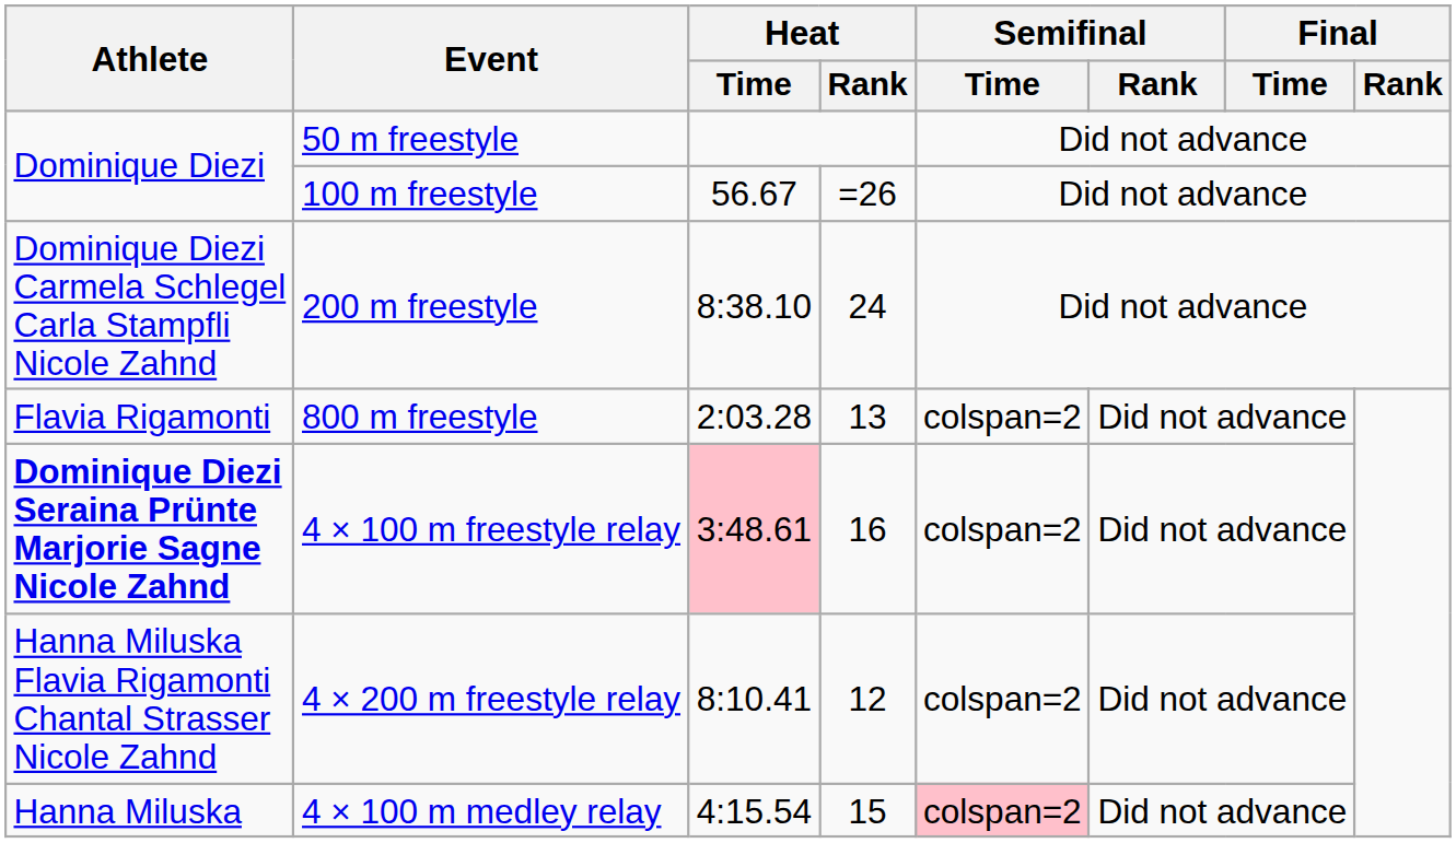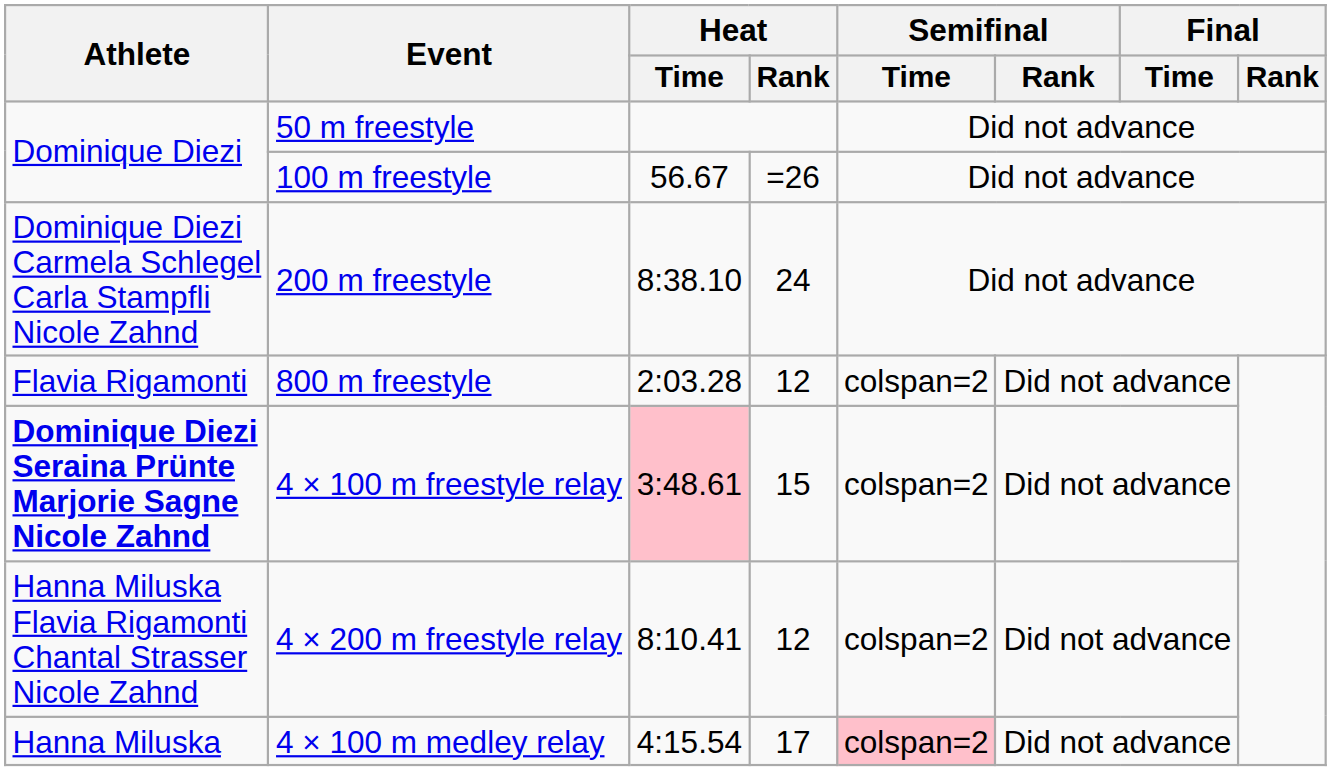 <table class=wikitable style="font-size:90%">
 <tr>
 <th rowspan="2">Athlete</th>
 <th rowspan="2">Event</th>
 <th colspan="2">Heat</th>
 <th colspan="2">Semifinal</th>
 <th colspan="2">Final</th>
 </tr>
 <tr style="font-size:95%">
 <th>Time</th>
 <th>Rank</th>
 <th>Time</th>
 <th>Rank</th>
 <th>Time</th>
 <th>Rank</th>
 </tr>
 <tr align=center>
 <td align=left rowspan=2><a href='#'>Dominique Diezi</a></td>
 <td align=left><a href='#'>50 m freestyle</a></td>
 <td colspan=2></td>
 <td colspan=4>Did not advance</td>
 </tr>
 <tr align=center>
 <td align=left><a href='#'>100 m freestyle</a></td>
 <td>56.67</td>
 <td>=26</td>
 <td colspan=4>Did not advance</td>
 </tr>
 <tr align=center>
 <td align=left><a href='#'>Dominique Diezi</a><br><a href='#'>Carmela Schlegel</a><br><a href='#'>Carla Stampfli</a><br><a href='#'>Nicole Zahnd</a></td>
 <td align=left><a href='#'>200 m freestyle</a></td>
 <td>8:38.10</td>
 <td>24</td>
 <td colspan=4>Did not advance</td>
 </tr>
 <tr align=center>
 <td align=left><a href='#'>Flavia Rigamonti</a></td>
 <td align=left><a href='#'>800 m freestyle</a></td>
 <td>2:03.28</td>
-<td>13</td>
+<td>12</td>
 <td>colspan=2 </td>
 <td colspan=2>Did not advance</td>
 </tr>
 <tr align=center>
 <td align=left><strong><a href='#'>Dominique Diezi</a><br><a href='#'>Seraina Prünte</a><br><a href='#'>Marjorie Sagne</a><br><a href='#'>Nicole Zahnd</a></strong></td>
 <td align=left><a href='#'>4 × 100 m freestyle relay</a></td>
 <td style="background: pink;">3:48.61</td>
-<td>16</td>
+<td>15</td>
 <td>colspan=2 </td>
 <td colspan=2>Did not advance</td>
 </tr>
 <tr align=center>
 <td align=left><a href='#'>Hanna Miluska</a><br><a href='#'>Flavia Rigamonti</a><br><a href='#'>Chantal Strasser</a><br><a href='#'>Nicole Zahnd</a></td>
 <td align=left><a href='#'>4 × 200 m freestyle relay</a></td>
 <td>8:10.41</td>
 <td>12</td>
 <td>colspan=2 </td>
 <td colspan=2>Did not advance</td>
 </tr>
 <tr align=center>
 <td align=left><a href='#'>Hanna Miluska</a></td>
 <td align=left><a href='#'>4 × 100 m medley relay</a></td>
 <td>4:15.54</td>
-<td>15</td>
+<td>17</td>
 <td style="background: pink;">colspan=2 </td>
 <td colspan=2>Did not advance</td>
 </tr>
 </table>
